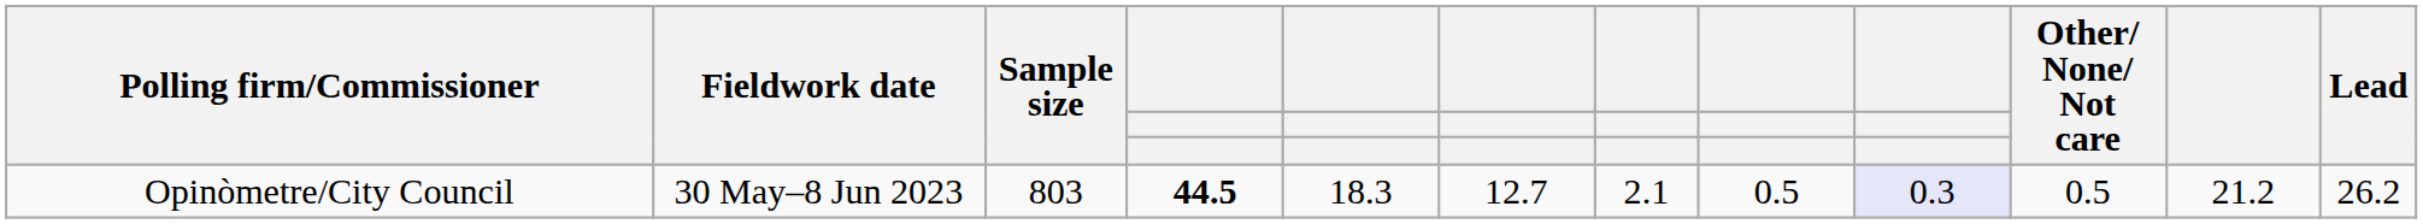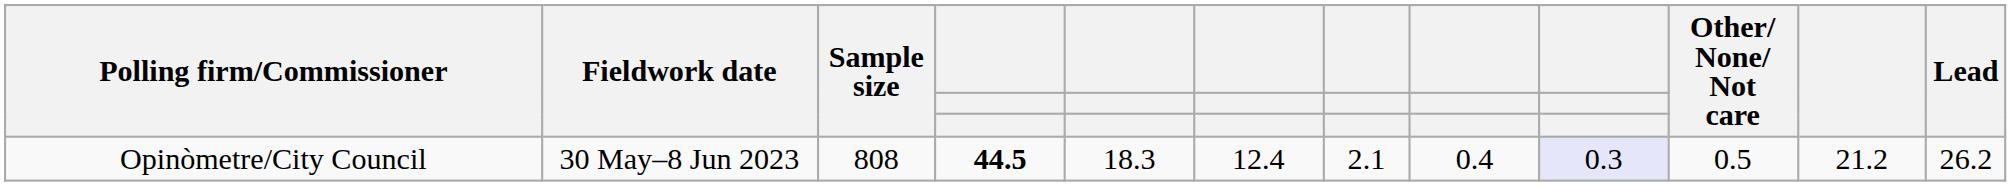 <table class="wikitable collapsible collapsed" style="text-align:center; font-size:90%; line-height:14px;">
 <tr style="height:42px;">
 <th style="width:250px;" rowspan="3">Polling firm/Commissioner</th>
 <th style="width:125px;" rowspan="3">Fieldwork date</th>
 <th style="width:50px;" rowspan="3">Sample size</th>
 <th style="width:55px;"></th>
 <th style="width:55px;"></th>
 <th style="width:55px;"></th>
 <th style="width:35px;"></th>
 <th style="width:55px;"></th>
 <th style="width:55px;"></th>
 <th style="width:55px;" rowspan="3">Other/<br>None/<br>Not<br>care</th>
 <th style="width:55px;" rowspan="3"></th>
 <th style="width:30px;" rowspan="3">Lead</th>
 </tr>
 <tr>
 <th style="color:inherit;background:"></th>
 <th style="color:inherit;background:"></th>
 <th style="color:inherit;background:"></th>
 <th style="color:inherit;background:"></th>
 <th style="color:inherit;background:"></th>
 <th style="color:inherit;background:"></th>
 </tr>
 <tr>
 <th></th>
 <th></th>
 <th></th>
 <th></th>
 <th></th>
 <th></th>
 </tr>
 <tr>
 <td>Opinòmetre/City Council</td>
 <td>30 May–8 Jun 2023</td>
-<td>803</td>
+<td>808</td>
 <td><strong>44.5</strong></td>
 <td>18.3</td>
-<td>12.7</td>
+<td>12.4</td>
 <td>2.1</td>
-<td>0.5</td>
+<td>0.4</td>
 <td style="background: lavender;">0.3</td>
 <td>0.5</td>
 <td>21.2</td>
 <td style="background:">26.2</td>
 </tr>
 </table>
